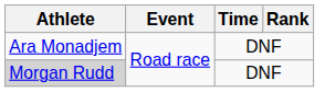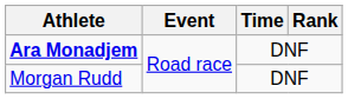 <table class=wikitable style="font-size:90%">
 <tr>
 <th>Athlete</th>
 <th>Event</th>
 <th>Time</th>
 <th>Rank</th>
 </tr>
 <tr align=center>
-<td align=left><a href='#'>Ara Monadjem</a></td>
+<td align=left><strong><a href='#'>Ara Monadjem</a></strong></td>
 <td align=left rowspan=2><a href='#'>Road race</a></td>
 <td colspan=2>DNF</td>
 </tr>
 <tr align=center>
-<td align=left style="background: lightgrey;"><a href='#'>Morgan Rudd</a></td>
+<td align=left><a href='#'>Morgan Rudd</a></td>
 <td colspan=2>DNF</td>
 </tr>
 </table>
